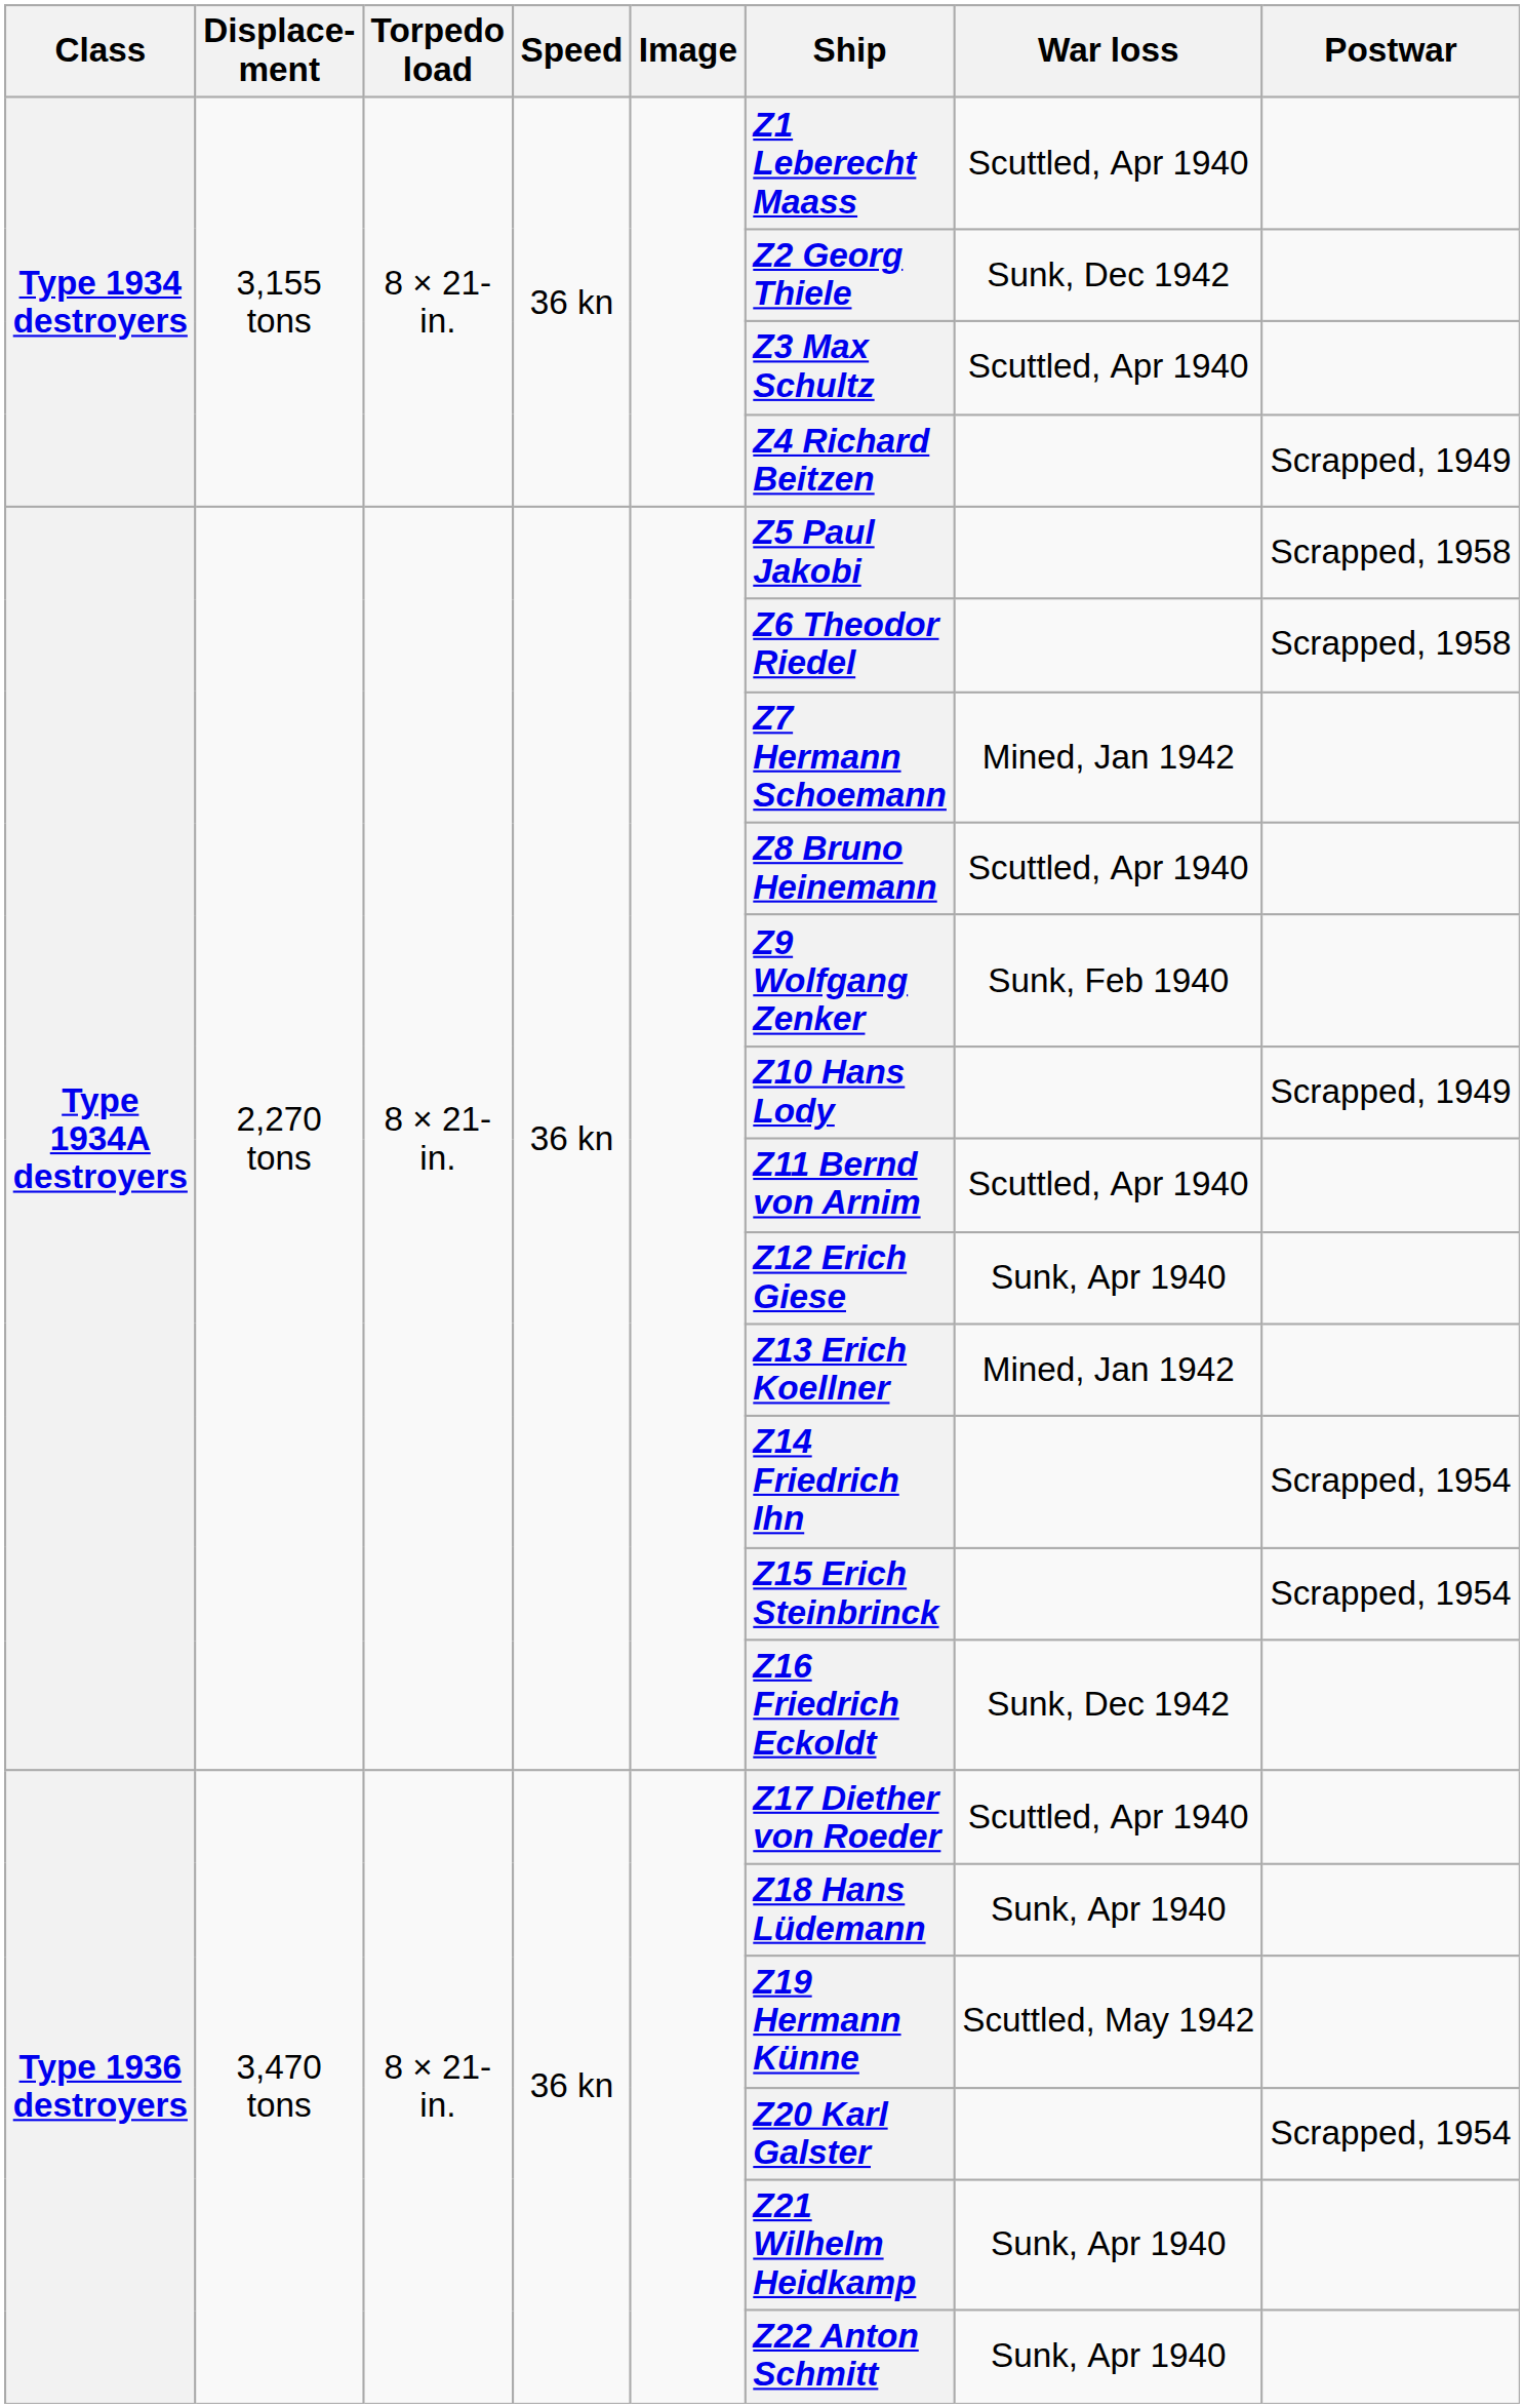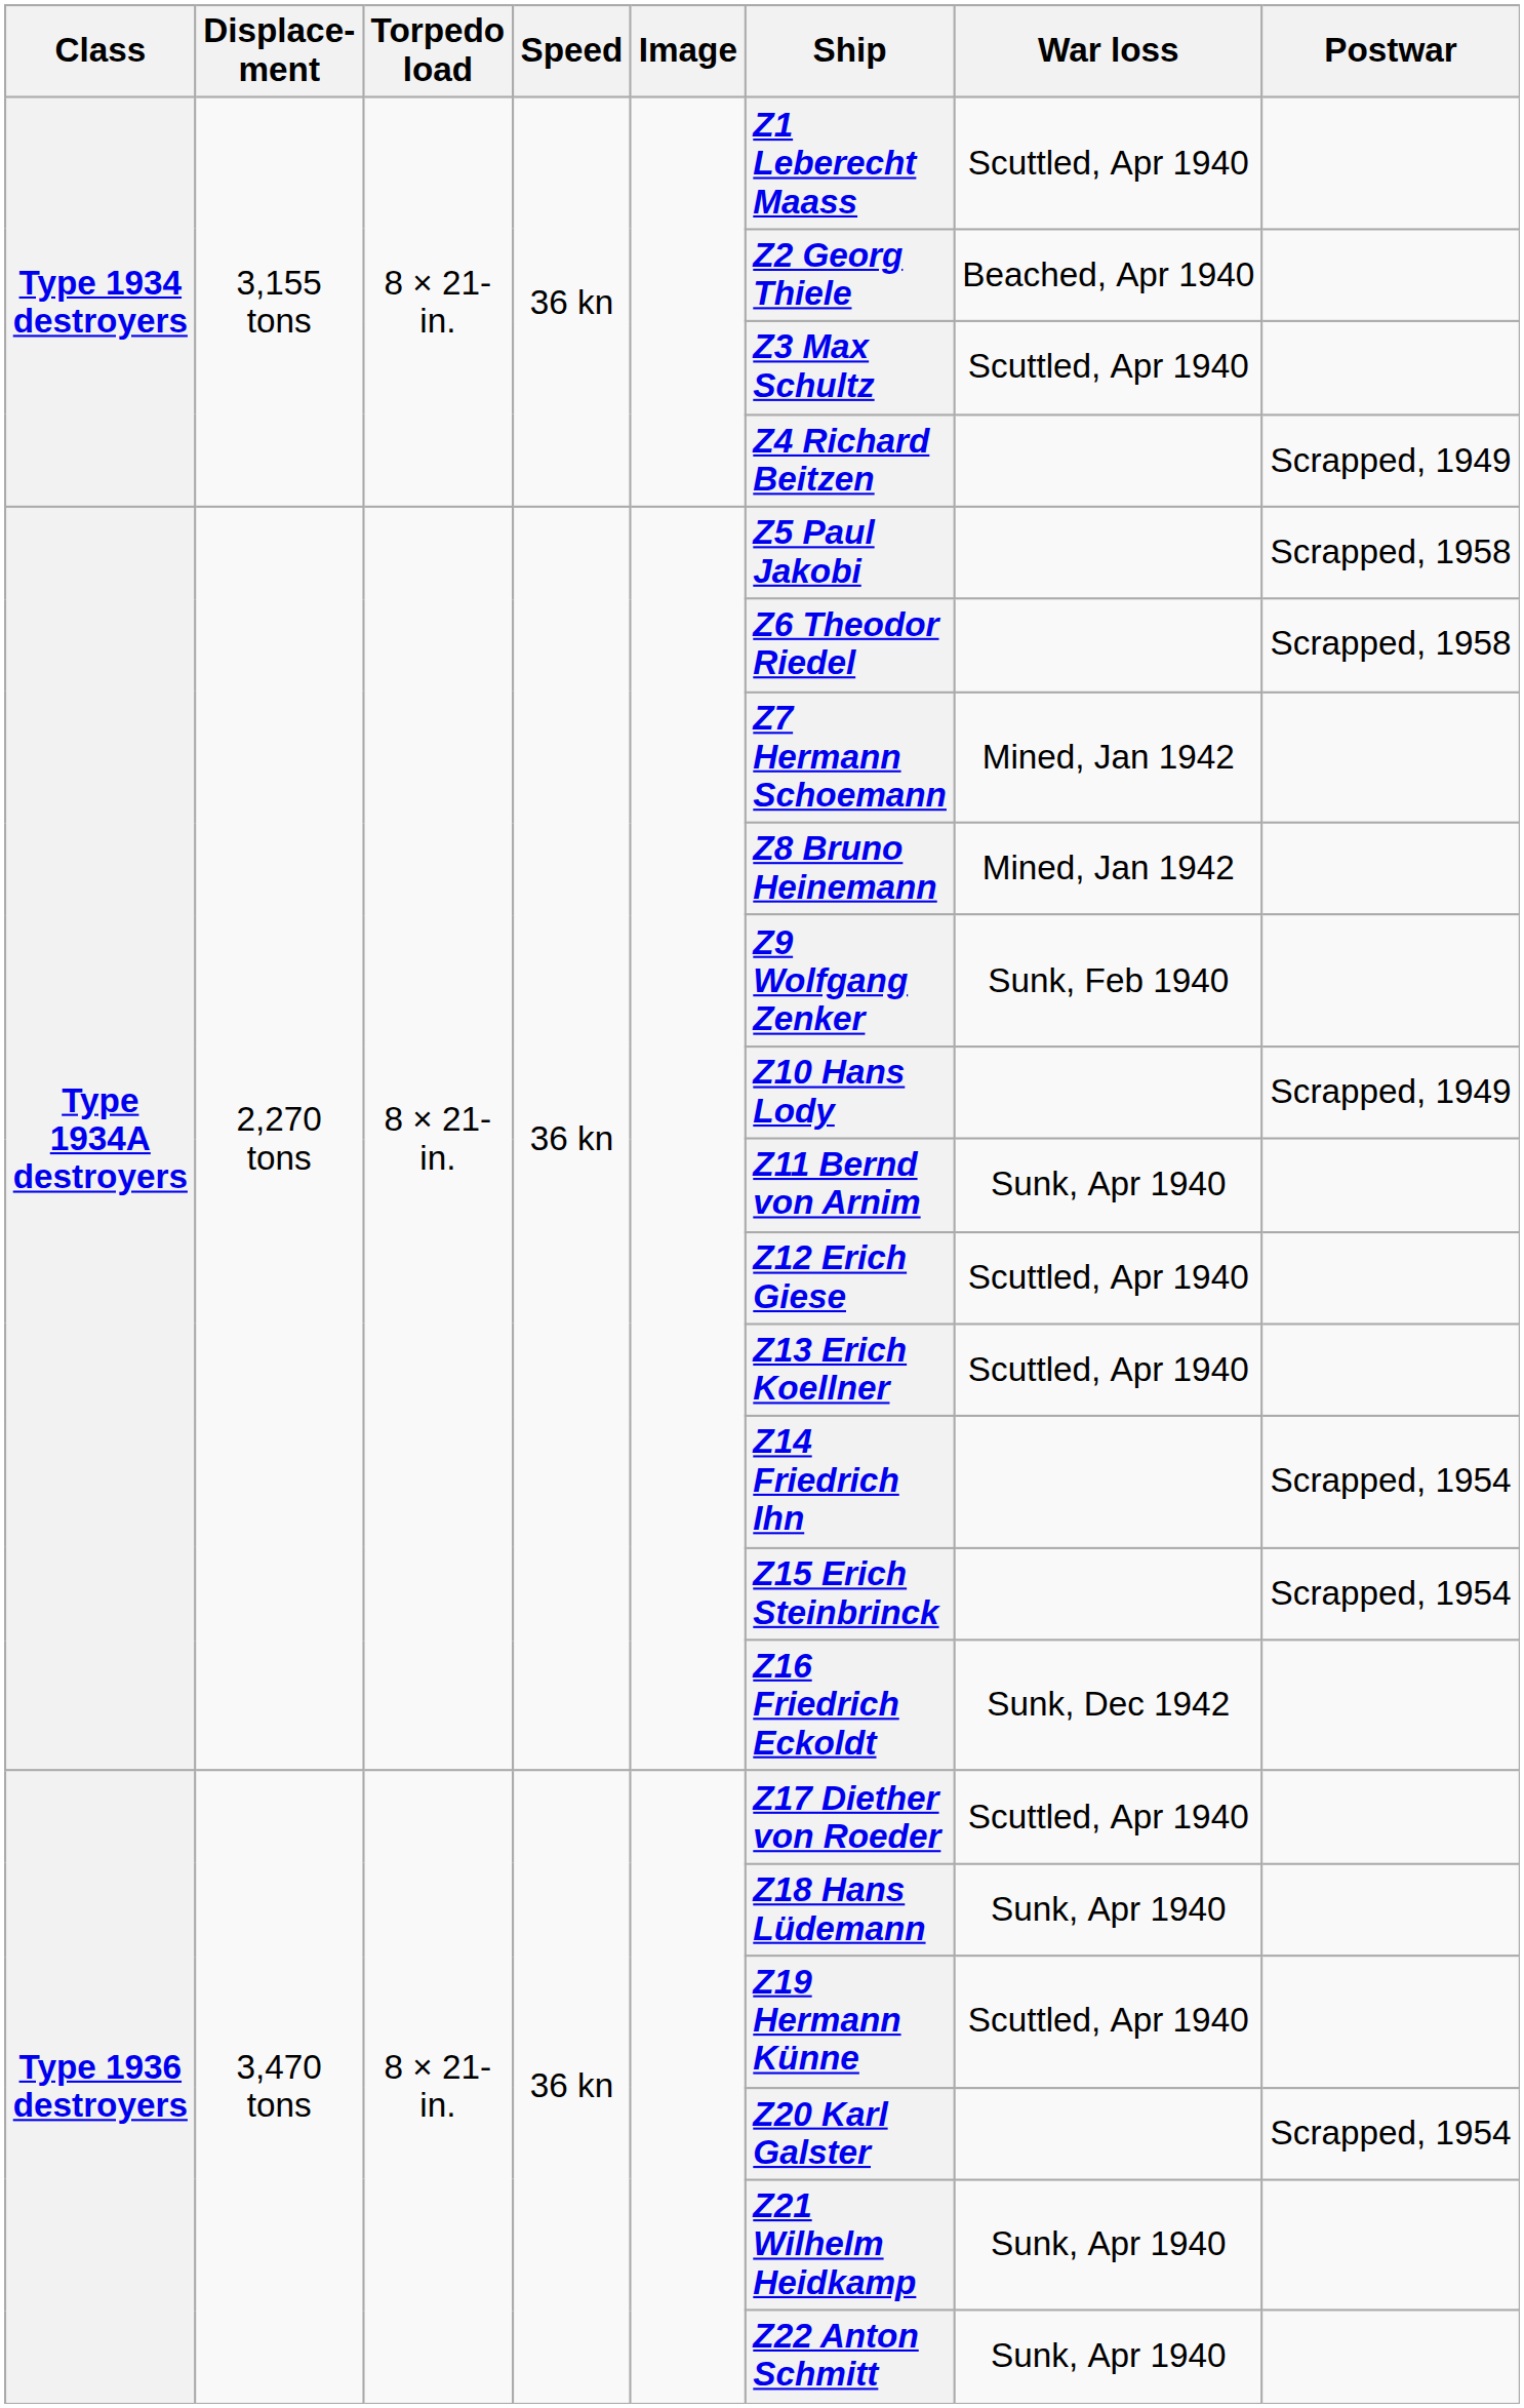 <table class="wikitable">
 <tr>
 <th>Class</th>
 <th>Displace-<br>ment</th>
 <th>Torpedo<br>load</th>
 <th>Speed</th>
 <th>Image</th>
 <th>Ship</th>
 <th>War loss</th>
 <th>Postwar</th>
 </tr>
 <tr>
 <th scope="row" rowspan=4 style="text-align:center"><a href='#'>Type 1934<br>destroyers</a></th>
 <td scope="row" rowspan=4 style="text-align:center">3,155 tons</td>
 <td scope="row" rowspan=4 style="text-align:center">8 × 21-in.</td>
 <td scope="row" rowspan=4 style="text-align:center">36 kn</td>
 <td scope="row" rowspan=4></td>
 <th style="text-align:left"><a href='#'><em>Z1 Leberecht Maass</em></a></th>
 <td style="text-align:center">Scuttled, Apr 1940</td>
 <td></td>
 </tr>
 <tr>
 <th style="text-align:left"><a href='#'><em>Z2 Georg Thiele</em></a></th>
-<td style="text-align:center">Sunk, Dec 1942</td>
+<td style="text-align:center">Beached, Apr 1940</td>
 <td></td>
 </tr>
 <tr>
 <th style="text-align:left"><a href='#'><em>Z3 Max Schultz</em></a></th>
 <td style="text-align:center">Scuttled, Apr 1940</td>
 <td></td>
 </tr>
 <tr>
 <th style="text-align:left"><a href='#'><em>Z4 Richard Beitzen</em></a></th>
 <td></td>
 <td style="text-align:center">Scrapped, 1949</td>
 </tr>
 <tr>
 <th scope="row" rowspan=12 style="text-align:center"><a href='#'>Type 1934A<br>destroyers</a></th>
 <td scope="row" rowspan=12 style="text-align:center">2,270 tons</td>
 <td scope="row" rowspan=12 style="text-align:center">8 × 21-in.</td>
 <td scope="row" rowspan=12 style="text-align:center">36 kn</td>
 <td scope="row" rowspan=12></td>
 <th style="text-align:left"><a href='#'><em>Z5 Paul Jakobi</em></a></th>
 <td></td>
 <td style="text-align:center">Scrapped, 1958</td>
 </tr>
 <tr>
 <th style="text-align:left"><a href='#'><em>Z6 Theodor Riedel</em></a></th>
 <td></td>
 <td style="text-align:center">Scrapped, 1958</td>
 </tr>
 <tr>
 <th style="text-align:left"><a href='#'><em>Z7 Hermann Schoemann</em></a></th>
 <td style="text-align:center">Mined, Jan 1942</td>
 <td></td>
 </tr>
 <tr>
 <th style="text-align:left"><a href='#'><em>Z8 Bruno Heinemann</em></a></th>
-<td style="text-align:center">Scuttled, Apr 1940</td>
+<td style="text-align:center">Mined, Jan 1942</td>
 <td></td>
 </tr>
 <tr>
 <th style="text-align:left"><a href='#'><em>Z9 Wolfgang Zenker</em></a></th>
 <td style="text-align:center">Sunk, Feb 1940</td>
 <td></td>
 </tr>
 <tr>
 <th style="text-align:left"><a href='#'><em>Z10 Hans Lody</em></a></th>
 <td></td>
 <td style="text-align:center">Scrapped, 1949</td>
 </tr>
 <tr>
 <th style="text-align:left"><a href='#'><em>Z11 Bernd von Arnim</em></a></th>
+<td style="text-align:center">Sunk, Apr 1940</td>
+<td></td>
+</tr>
+<tr>
+<th style="text-align:left"><a href='#'><em>Z12 Erich Giese</em></a></th>
 <td style="text-align:center">Scuttled, Apr 1940</td>
 <td></td>
 </tr>
 <tr>
-<th style="text-align:left"><a href='#'><em>Z12 Erich Giese</em></a></th>
-<td style="text-align:center">Sunk, Apr 1940</td>
-<td></td>
-</tr>
-<tr>
 <th style="text-align:left"><a href='#'><em>Z13 Erich Koellner</em></a></th>
-<td style="text-align:center">Mined, Jan 1942</td>
+<td style="text-align:center">Scuttled, Apr 1940</td>
 <td></td>
 </tr>
 <tr>
 <th style="text-align:left"><a href='#'><em>Z14 Friedrich Ihn</em></a></th>
 <td></td>
 <td style="text-align:center">Scrapped, 1954</td>
 </tr>
 <tr>
 <th style="text-align:left"><a href='#'><em>Z15 Erich Steinbrinck</em></a></th>
 <td></td>
 <td style="text-align:center">Scrapped, 1954</td>
 </tr>
 <tr>
 <th style="text-align:left"><a href='#'><em>Z16 Friedrich Eckoldt</em></a></th>
 <td style="text-align:center">Sunk, Dec 1942</td>
 <td></td>
 </tr>
 <tr>
 <th scope="row" rowspan=6 style="text-align:center"><a href='#'>Type 1936<br>destroyers</a></th>
 <td scope="row" rowspan=6 style="text-align:center">3,470 tons</td>
 <td scope="row" rowspan=6 style="text-align:center">8 × 21-in.</td>
 <td scope="row" rowspan=6 style="text-align:center">36 kn</td>
 <td scope="row" rowspan=6></td>
 <th style="text-align:left"><a href='#'><em>Z17 Diether von Roeder</em></a></th>
 <td style="text-align:center">Scuttled, Apr 1940</td>
 <td></td>
 </tr>
 <tr>
 <th style="text-align:left"><a href='#'><em>Z18 Hans Lüdemann</em></a></th>
 <td style="text-align:center">Sunk, Apr 1940</td>
 <td></td>
 </tr>
 <tr>
 <th style="text-align:left"><a href='#'><em>Z19 Hermann Künne</em></a></th>
-<td style="text-align:center">Scuttled, May 1942</td>
+<td style="text-align:center">Scuttled, Apr 1940</td>
 <td></td>
 </tr>
 <tr>
 <th style="text-align:left"><a href='#'><em>Z20 Karl Galster</em></a></th>
 <td></td>
 <td style="text-align:center">Scrapped, 1954</td>
 </tr>
 <tr>
 <th style="text-align:left"><a href='#'><em>Z21 Wilhelm Heidkamp</em></a></th>
 <td style="text-align:center">Sunk, Apr 1940</td>
 <td></td>
 </tr>
 <tr>
 <th style="text-align:left"><a href='#'><em>Z22 Anton Schmitt</em></a></th>
 <td style="text-align:center">Sunk, Apr 1940</td>
 <td></td>
 </tr>
 </table>
